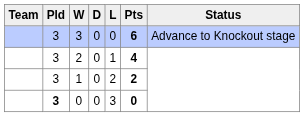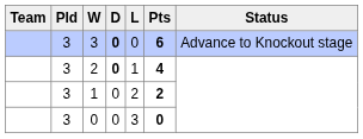 <table style=border-collapse:collapse border=1 cellspacing=0 cellpadding=5>
 <tr align=center bgcolor=#efefef>
 <th>Team</th>
 <th>Pld</th>
 <th>W</th>
 <th>D</th>
 <th>L</th>
 <th>Pts</th>
 <th>Status</th>
 </tr>
 <tr align=center style="background:#bbccff;">
 <td style="text-align:left;"> </td>
 <td>3</td>
 <td>3</td>
-<td>0</td>
+<td><strong>0</strong></td>
 <td>0</td>
 <td><strong>6</strong></td>
 <td rowspan=1>Advance to Knockout stage</td>
 </tr>
 <tr align=center style="background:#FFFFFF;">
 <td style="text-align:left;"> </td>
 <td>3</td>
 <td>2</td>
-<td>0</td>
+<td><strong>0</strong></td>
 <td>1</td>
 <td><strong>4</strong></td>
 <td rowspan=3></td>
 </tr>
 <tr align=center style="background:#FFFFFF;">
 <td style="text-align:left;"> </td>
 <td>3</td>
 <td>1</td>
 <td>0</td>
 <td>2</td>
 <td><strong>2</strong></td>
 </tr>
 <tr align=center style="background:#FFFFFF;">
 <td style="text-align:left;"> </td>
-<td><strong>3</strong></td>
+<td>3</td>
 <td>0</td>
 <td>0</td>
 <td>3</td>
 <td><strong>0</strong></td>
 </tr>
 </table>
